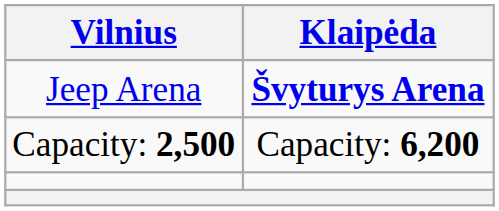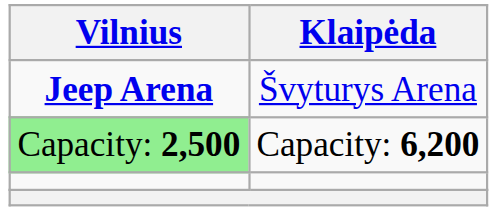 <table class="wikitable" style="margin:1em auto; text-align:center;">
 <tr>
 <th><a href='#'>Vilnius</a></th>
 <th><a href='#'>Klaipėda</a></th>
 </tr>
 <tr>
-<td><a href='#'>Jeep Arena</a></td>
-<td><strong><a href='#'>Švyturys Arena</a></strong></td>
+<td><strong><a href='#'>Jeep Arena</a></strong></td>
+<td><a href='#'>Švyturys Arena</a></td>
 </tr>
 <tr>
-<td>Capacity: <strong>2,500</strong></td>
+<td style="background: lightgreen;">Capacity: <strong>2,500</strong></td>
 <td>Capacity: <strong>6,200</strong></td>
 </tr>
 <tr>
 <td></td>
 <td></td>
 </tr>
 <tr>
 <th rowspan=4 colspan=5 text-align="center"></th>
 </tr>
 <tr>
 </tr>
 </table>
